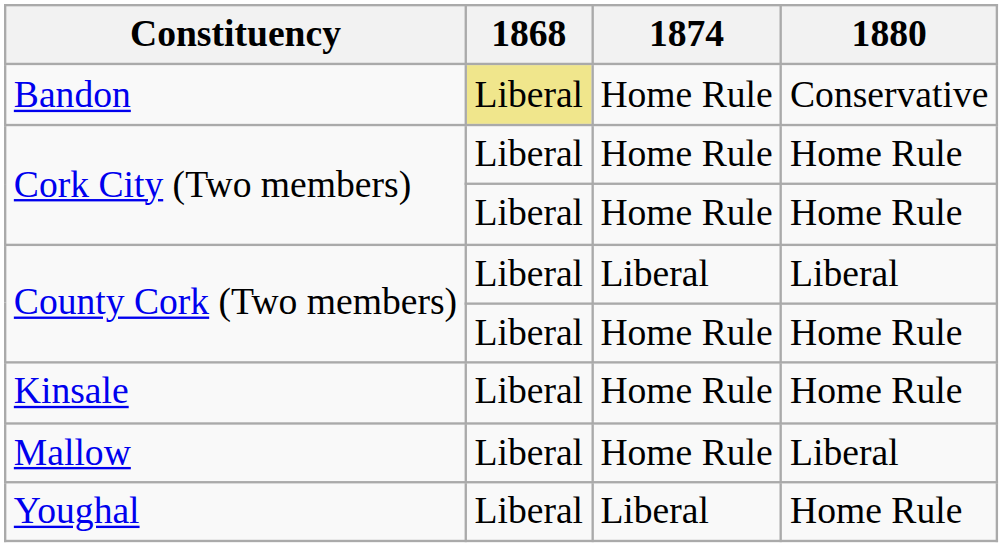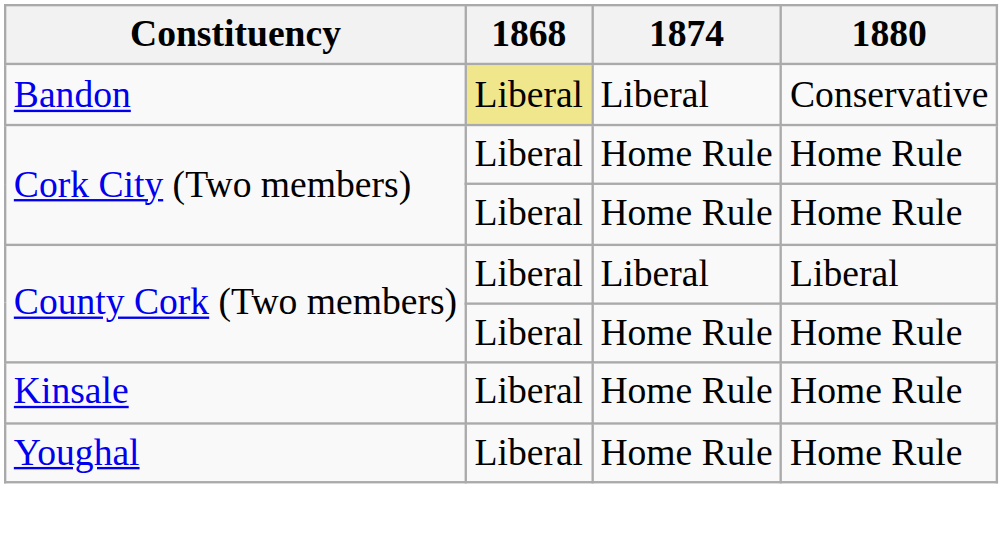 <table class="wikitable">
 <tr>
 <th>Constituency</th>
 <th>1868</th>
 <th>1874</th>
 <th>1880</th>
 </tr>
 <tr>
 <td><a href='#'>Bandon</a></td>
 <td style="background: khaki;">Liberal</td>
-<td>Home Rule</td>
+<td>Liberal</td>
 <td>Conservative</td>
 </tr>
 <tr>
 <td rowspan="2"><a href='#'>Cork City</a> (Two members)</td>
 <td>Liberal</td>
 <td>Home Rule</td>
 <td>Home Rule</td>
 </tr>
 <tr>
 <td>Liberal</td>
 <td>Home Rule</td>
 <td>Home Rule</td>
 </tr>
 <tr>
 <td rowspan="2"><a href='#'>County Cork</a> (Two members)</td>
 <td>Liberal</td>
 <td>Liberal</td>
 <td>Liberal</td>
 </tr>
 <tr>
 <td>Liberal</td>
 <td>Home Rule</td>
 <td>Home Rule</td>
 </tr>
 <tr>
 <td><a href='#'>Kinsale</a></td>
 <td>Liberal</td>
 <td>Home Rule</td>
 <td>Home Rule</td>
 </tr>
 <tr>
-<td><a href='#'>Mallow</a></td>
+<td><a href='#'>Youghal</a></td>
 <td>Liberal</td>
 <td>Home Rule</td>
-<td>Liberal</td>
-</tr>
-<tr>
-<td><a href='#'>Youghal</a></td>
-<td>Liberal</td>
-<td>Liberal</td>
 <td>Home Rule</td>
 </tr>
 </table>
